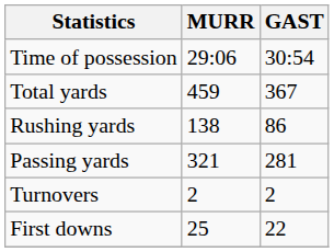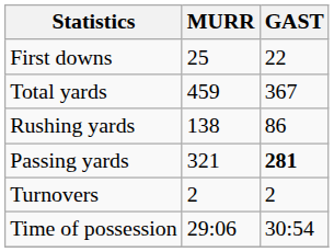 <table class="wikitable">
 <tr>
 <th>Statistics</th>
 <th>MURR</th>
 <th>GAST</th>
 </tr>
 <tr>
-<td>Time of possession</td>
-<td>29:06</td>
-<td>30:54</td>
+<td>First downs</td>
+<td>25</td>
+<td>22</td>
 </tr>
 <tr>
 <td>Total yards</td>
 <td>459</td>
 <td>367</td>
 </tr>
 <tr>
 <td>Rushing yards</td>
 <td>138</td>
 <td>86</td>
 </tr>
 <tr>
 <td>Passing yards</td>
 <td>321</td>
-<td>281</td>
+<td><strong>281</strong></td>
 </tr>
 <tr>
 <td>Turnovers</td>
 <td>2</td>
 <td>2</td>
 </tr>
 <tr>
-<td>First downs</td>
-<td>25</td>
-<td>22</td>
+<td>Time of possession</td>
+<td>29:06</td>
+<td>30:54</td>
 </tr>
 <tr>
 </tr>
 </table>
